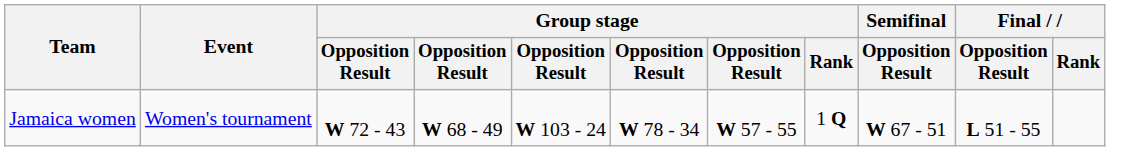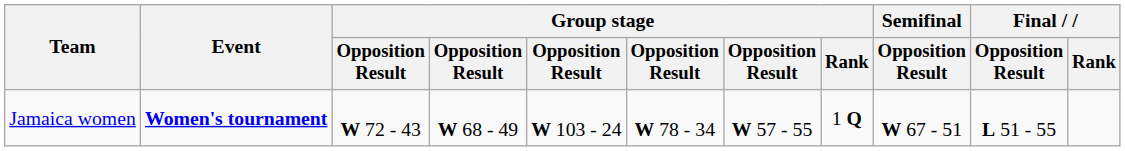 <table class=wikitable style=font-size:90%>
 <tr>
 <th rowspan=2>Team</th>
 <th rowspan=2>Event</th>
 <th colspan=6>Group stage</th>
 <th>Semifinal</th>
 <th colspan=2>Final /  / </th>
 </tr>
 <tr style=font-size:95%>
 <th>Opposition<br>Result</th>
 <th>Opposition<br>Result</th>
 <th>Opposition<br>Result</th>
 <th>Opposition<br>Result</th>
 <th>Opposition<br>Result</th>
 <th>Rank</th>
 <th>Opposition<br>Result</th>
 <th>Opposition<br>Result</th>
 <th>Rank</th>
 </tr>
 <tr align=center>
 <td align=left><a href='#'>Jamaica women</a></td>
-<td align=left><a href='#'>Women's tournament</a></td>
+<td align=left><strong><a href='#'>Women's tournament</a></strong></td>
 <td><br><strong>W</strong> 72 - 43</td>
 <td><br><strong>W</strong> 68 - 49</td>
 <td><br><strong>W</strong> 103 - 24</td>
 <td><br><strong>W</strong> 78 - 34</td>
 <td><br><strong>W</strong> 57 - 55</td>
 <td>1 <strong>Q</strong></td>
 <td><br><strong>W</strong> 67 - 51</td>
 <td><br><strong>L</strong> 51 - 55</td>
 <td></td>
 </tr>
 </table>
